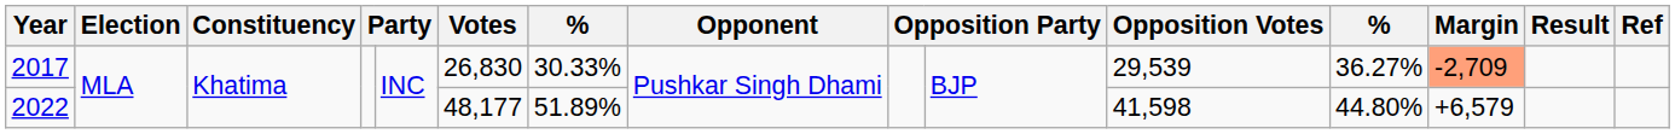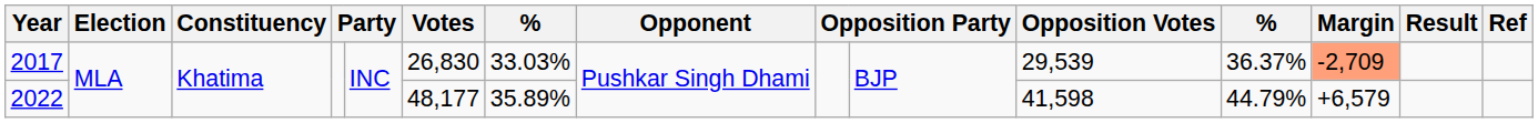 <table class="wikitable sortable">
 <tr>
 <th>Year</th>
 <th>Election</th>
 <th>Constituency</th>
 <th colspan="2">Party</th>
 <th>Votes</th>
 <th>%</th>
 <th>Opponent</th>
 <th colspan="2">Opposition Party</th>
 <th>Opposition Votes</th>
 <th>%</th>
 <th>Margin</th>
 <th>Result</th>
 <th>Ref</th>
 </tr>
 <tr>
 <td><a href='#'>2017</a></td>
 <td rowspan="2"><a href='#'>MLA</a></td>
 <td rowspan="2"><a href='#'>Khatima</a></td>
 <td rowspan="2" style="background-color: "><br></td>
 <td rowspan="2"><a href='#'>INC</a></td>
 <td>26,830</td>
-<td>30.33%</td>
+<td>33.03%</td>
 <td rowspan="2"><a href='#'>Pushkar Singh Dhami</a></td>
 <td rowspan="2" style="background-color: "><br></td>
 <td rowspan="2"><a href='#'>BJP</a></td>
 <td>29,539</td>
-<td>36.27%</td>
+<td>36.37%</td>
 <td style="background: lightsalmon;">-2,709</td>
 <td></td>
 <td></td>
 </tr>
 <tr>
 <td><a href='#'>2022</a></td>
 <td>48,177</td>
-<td>51.89%</td>
+<td>35.89%</td>
 <td>41,598</td>
-<td>44.80%</td>
+<td>44.79%</td>
 <td>+6,579</td>
 <td></td>
 <td></td>
 </tr>
 </table>
